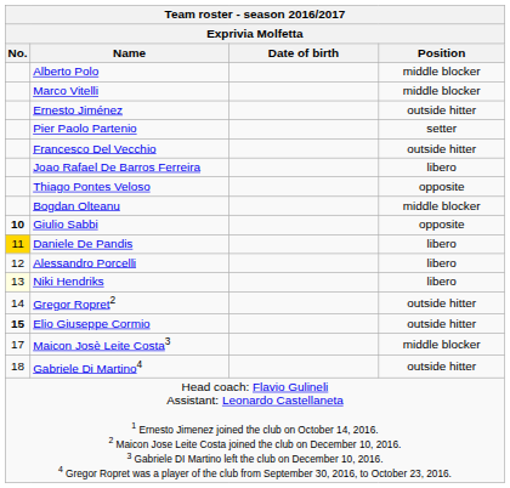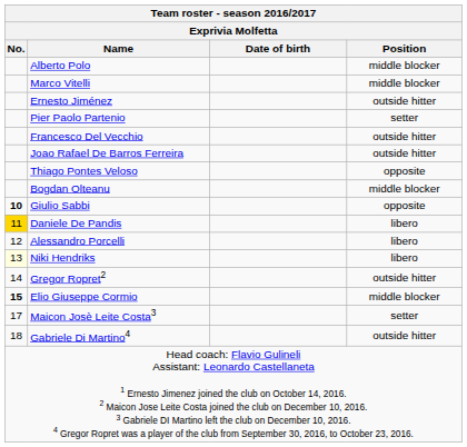 <table class="wikitable sortable" style="font-size:100%; text-align:center;">
 <tr>
 <th colspan=6>Team roster - season 2016/2017</th>
 </tr>
 <tr>
 <th colspan=6>Exprivia Molfetta</th>
 </tr>
 <tr>
 <th>No.</th>
 <th style="width:16em">Name</th>
 <th style="width:12em">Date of birth</th>
 <th style="width:10em">Position</th>
 </tr>
 <tr>
 <td></td>
 <td align=left> <a href='#'>Alberto Polo</a></td>
 <td align=right></td>
 <td>middle blocker</td>
 </tr>
 <tr>
 <td></td>
 <td align=left> <a href='#'>Marco Vitelli</a></td>
 <td align=right></td>
 <td>middle blocker</td>
 </tr>
 <tr>
 <td></td>
 <td align=left> <a href='#'>Ernesto Jiménez</a></td>
 <td align=right></td>
 <td>outside hitter</td>
 </tr>
 <tr>
 <td></td>
 <td align=left> <a href='#'>Pier Paolo Partenio</a></td>
 <td align=right></td>
 <td>setter</td>
 </tr>
 <tr>
 <td></td>
 <td align=left> <a href='#'>Francesco Del Vecchio</a></td>
 <td align=right></td>
 <td>outside hitter</td>
 </tr>
 <tr>
 <td></td>
 <td align=left> <a href='#'>Joao Rafael De Barros Ferreira</a></td>
 <td align=right></td>
-<td>libero</td>
+<td>outside hitter</td>
 </tr>
 <tr>
 <td></td>
 <td align=left> <a href='#'>Thiago Pontes Veloso</a></td>
 <td align=right></td>
 <td>opposite</td>
 </tr>
 <tr>
 <td></td>
 <td align=left> <a href='#'>Bogdan Olteanu</a></td>
 <td align=right></td>
 <td>middle blocker</td>
 </tr>
 <tr>
 <td><strong>10</strong></td>
 <td align=left> <a href='#'>Giulio Sabbi</a></td>
 <td align=right></td>
 <td>opposite</td>
 </tr>
 <tr>
 <td style="background: gold;">11</td>
 <td align=left> <a href='#'>Daniele De Pandis</a></td>
 <td align=right></td>
 <td>libero</td>
 </tr>
 <tr>
 <td>12</td>
 <td align=left> <a href='#'>Alessandro Porcelli</a></td>
 <td align=right></td>
 <td>libero</td>
 </tr>
 <tr>
 <td style="background: lightyellow;">13</td>
 <td align=left> <a href='#'>Niki Hendriks</a></td>
 <td align=right></td>
 <td>libero</td>
 </tr>
 <tr>
 <td>14</td>
 <td align=left> <a href='#'>Gregor Ropret</a><sup>2</sup></td>
 <td align=right></td>
 <td>outside hitter</td>
 </tr>
 <tr>
 <td><strong>15</strong></td>
 <td align=left> <a href='#'>Elio Giuseppe Cormio</a></td>
 <td align=right></td>
-<td>outside hitter</td>
+<td>middle blocker</td>
 </tr>
 <tr>
 <td>17</td>
 <td align=left> <a href='#'>Maicon Josè Leite Costa</a><sup>3</sup></td>
 <td align=right></td>
-<td>middle blocker</td>
+<td>setter</td>
 </tr>
 <tr>
 <td>18</td>
 <td align=left> <a href='#'>Gabriele Di Martino</a><sup>4</sup></td>
 <td align=right></td>
 <td>outside hitter</td>
 </tr>
 <tr>
 <td colspan=4>Head coach: <a href='#'>Flavio Gulineli</a><br>Assistant: <a href='#'>Leonardo Castellaneta</a><br><br><small><sup>1</sup> Ernesto Jimenez joined the club on October 14, 2016.</small><br> <small><sup>2</sup> Maicon Jose Leite Costa joined the club on December 10, 2016.</small><br> <small><sup>3</sup> Gabriele DI Martino left the club on December 10, 2016.</small><br> <small><sup>4</sup> Gregor Ropret was a player of the club from September 30, 2016, to October 23, 2016.</small><br></td>
 </tr>
 </table>
